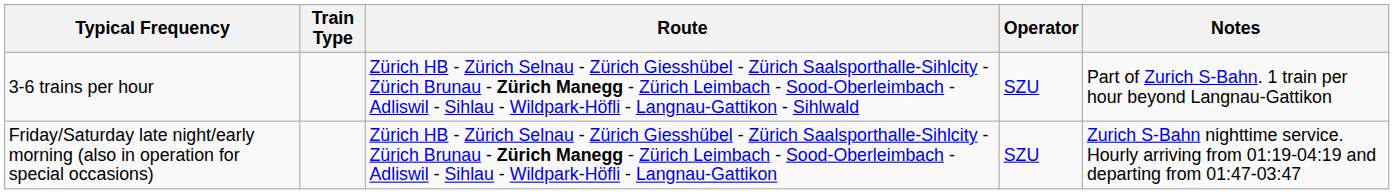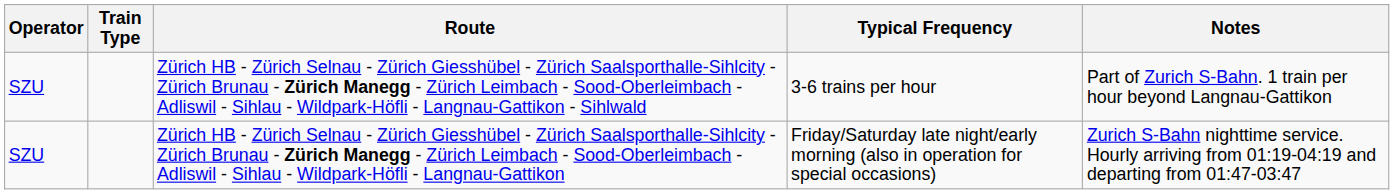 <table class="wikitable vatop">
 <tr>
-<th>Typical Frequency</th>
+<th>Operator</th>
 <th>Train Type</th>
 <th>Route</th>
-<th>Operator</th>
+<th>Typical Frequency</th>
 <th>Notes</th>
 </tr>
 <tr>
-<td>3-6 trains per hour</td>
+<td><a href='#'>SZU</a></td>
 <td></td>
 <td><a href='#'>Zürich HB</a> - <a href='#'>Zürich Selnau</a> - <a href='#'>Zürich Giesshübel</a> - <a href='#'>Zürich Saalsporthalle-Sihlcity</a> - <a href='#'>Zürich Brunau</a> - <strong>Zürich Manegg</strong> - <a href='#'>Zürich Leimbach</a> - <a href='#'>Sood-Oberleimbach</a> - <a href='#'>Adliswil</a> - <a href='#'>Sihlau</a> - <a href='#'>Wildpark-Höfli</a> - <a href='#'>Langnau-Gattikon</a> - <a href='#'>Sihlwald</a></td>
-<td><a href='#'>SZU</a></td>
+<td>3-6 trains per hour</td>
 <td>Part of <a href='#'>Zurich S-Bahn</a>. 1 train per hour beyond Langnau-Gattikon</td>
 </tr>
 <tr>
-<td>Friday/Saturday late night/early morning  (also in operation for special occasions)</td>
+<td><a href='#'>SZU</a></td>
 <td></td>
 <td><a href='#'>Zürich HB</a> - <a href='#'>Zürich Selnau</a> - <a href='#'>Zürich Giesshübel</a> - <a href='#'>Zürich Saalsporthalle-Sihlcity</a> - <a href='#'>Zürich Brunau</a> - <strong>Zürich Manegg</strong> - <a href='#'>Zürich Leimbach</a> - <a href='#'>Sood-Oberleimbach</a> - <a href='#'>Adliswil</a> - <a href='#'>Sihlau</a> - <a href='#'>Wildpark-Höfli</a> - <a href='#'>Langnau-Gattikon</a></td>
-<td><a href='#'>SZU</a></td>
+<td>Friday/Saturday late night/early morning  (also in operation for special occasions)</td>
 <td><a href='#'>Zurich S-Bahn</a> nighttime service. Hourly arriving from 01:19-04:19 and departing from 01:47-03:47</td>
 </tr>
 </table>
